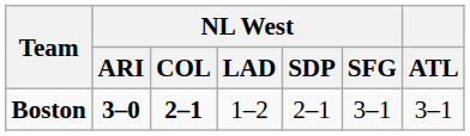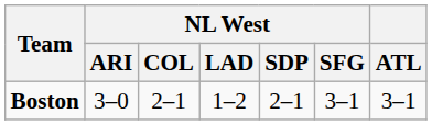 <table class="wikitable" style="text-align:center; font-size: 95%;">
 <tr>
 <th rowspan=2>Team</th>
 <th colspan=5>NL West</th>
 <th> </th>
 </tr>
 <tr>
 <th>ARI</th>
 <th>COL</th>
 <th>LAD</th>
 <th>SDP</th>
 <th>SFG</th>
 <th>ATL</th>
 </tr>
 <tr>
 <td><strong>Boston</strong></td>
-<td><strong>3–0</strong></td>
-<td><strong>2–1</strong></td>
+<td>3–0</td>
+<td>2–1</td>
 <td>1–2</td>
 <td>2–1</td>
 <td>3–1</td>
 <td>3–1</td>
 </tr>
 </table>
